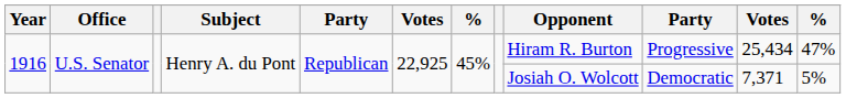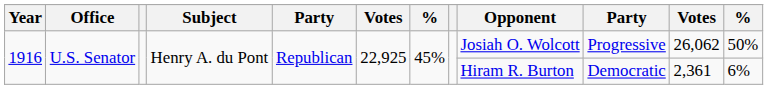 <table class="wikitable">
 <tr>
 </tr>
 <tr>
 <th>Year</th>
 <th>Office</th>
 <th></th>
 <th>Subject</th>
 <th>Party</th>
 <th>Votes</th>
 <th>%</th>
 <th></th>
 <th>Opponent</th>
 <th>Party</th>
 <th>Votes</th>
 <th>%</th>
 </tr>
 <tr>
 <td rowspan=2><a href='#'>1916</a></td>
 <td rowspan=2><a href='#'>U.S. Senator</a></td>
 <td rowspan=2></td>
 <td rowspan=2>Henry A. du Pont</td>
 <td rowspan=2><a href='#'>Republican</a></td>
 <td rowspan=2>22,925</td>
 <td rowspan=2>45%</td>
 <td rowspan=2></td>
-<td><a href='#'>Hiram R. Burton</a></td>
+<td><a href='#'>Josiah O. Wolcott</a></td>
 <td><a href='#'>Progressive</a></td>
-<td>25,434</td>
-<td>47%</td>
+<td>26,062</td>
+<td>50%</td>
 </tr>
 <tr>
-<td><a href='#'>Josiah O. Wolcott</a></td>
+<td><a href='#'>Hiram R. Burton</a></td>
 <td><a href='#'>Democratic</a></td>
-<td>7,371</td>
-<td>5%</td>
+<td>2,361</td>
+<td>6%</td>
 </tr>
 </table>
